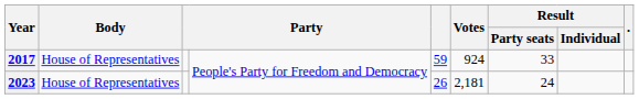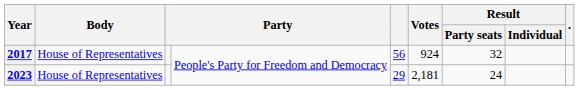 <table class="wikitable plainrowheaders sortable" border=2 cellpadding=4 cellspacing=0 style="border: 1px #aaa solid; font-size: 90%; text-align:center;">
 <tr>
 <th scope="col" rowspan=2>Year</th>
 <th scope="col" rowspan=2>Body</th>
 <th scope="col" colspan=2 rowspan=2>Party</th>
 <th scope="col" rowspan=2></th>
 <th scope="col" rowspan=2>Votes</th>
 <th scope="colgroup" colspan=2>Result</th>
 <th scope="col" rowspan=2 class="unsortable">.</th>
 </tr>
 <tr>
 <th scope="col">Party seats</th>
 <th scope="col">Individual</th>
 </tr>
 <tr>
 <th scope="row"><a href='#'>2017</a></th>
 <td><a href='#'>House of Representatives</a></td>
 <td style="background-color:"></td>
 <td rowspan="2"><a href='#'>People's Party for Freedom and Democracy</a></td>
-<td style=text-align:right><a href='#'>59</a></td>
+<td style=text-align:right><a href='#'>56</a></td>
 <td style=text-align:right>924</td>
-<td style=text-align:right>33</td>
+<td style=text-align:right>32</td>
 <td></td>
 <td></td>
 </tr>
 <tr>
 <th scope="row"><a href='#'>2023</a></th>
 <td><a href='#'>House of Representatives</a></td>
 <td style="background-color:"></td>
-<td style=text-align:right><a href='#'>26</a></td>
+<td style=text-align:right><a href='#'>29</a></td>
 <td style=text-align:right>2,181</td>
 <td style=text-align:right>24</td>
 <td></td>
 <td></td>
 </tr>
 </table>
